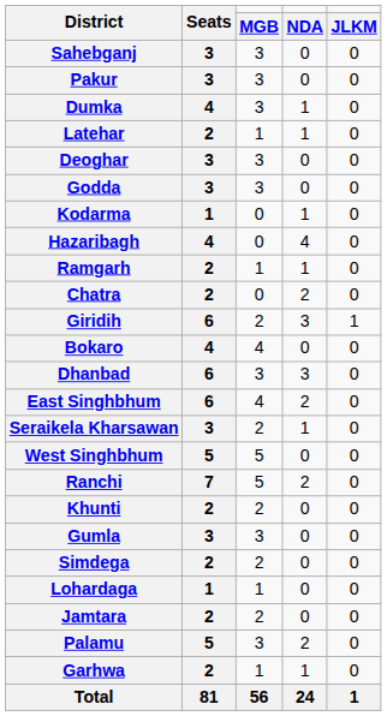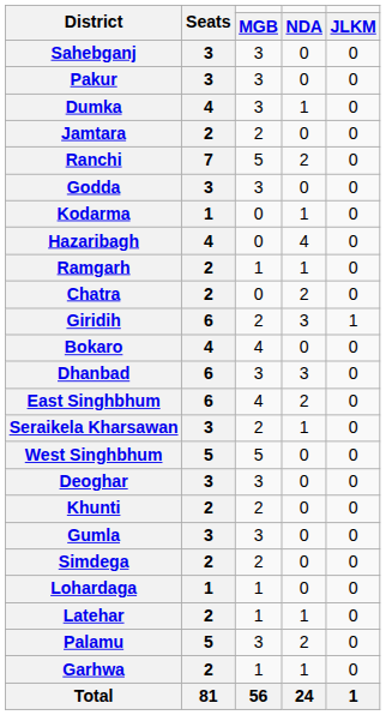 <table class="wikitable" style="text-align:center;">
 <tr>
 <th rowspan="2">District</th>
 <th rowspan="2">Seats</th>
 <td></td>
 <td></td>
 <td></td>
 </tr>
 <tr>
 <th><a href='#'>MGB</a></th>
 <th><a href='#'>NDA</a></th>
 <th><a href='#'>JLKM</a></th>
 </tr>
 <tr>
 <th><a href='#'>Sahebganj</a></th>
 <th>3</th>
 <td style="background:">3</td>
 <td>0</td>
 <td>0</td>
 </tr>
 <tr>
 <th><a href='#'>Pakur</a></th>
 <th>3</th>
 <td style="background:">3</td>
 <td>0</td>
 <td>0</td>
 </tr>
 <tr>
 <th><a href='#'>Dumka</a></th>
 <th>4</th>
 <td style="background:">3</td>
 <td>1</td>
 <td>0</td>
 </tr>
 <tr>
-<th><a href='#'>Latehar</a></th>
+<th><a href='#'>Jamtara</a></th>
 <th>2</th>
-<td>1</td>
-<td>1</td>
+<td style="background:">2</td>
+<td>0</td>
 <td>0</td>
 </tr>
 <tr>
-<th><a href='#'>Deoghar</a></th>
-<th>3</th>
-<td style="background:">3</td>
-<td>0</td>
+<th><a href='#'>Ranchi</a></th>
+<th>7</th>
+<td style="background:">5</td>
+<td>2</td>
 <td>0</td>
 </tr>
 <tr>
 <th><a href='#'>Godda</a></th>
 <th>3</th>
 <td style="background:">3</td>
 <td>0</td>
 <td>0</td>
 </tr>
 <tr>
 <th><a href='#'>Kodarma</a></th>
 <th>1</th>
 <td>0</td>
 <td style="background:">1</td>
 <td>0</td>
 </tr>
 <tr>
 <th><a href='#'>Hazaribagh</a></th>
 <th>4</th>
 <td>0</td>
 <td style="background:">4</td>
 <td>0</td>
 </tr>
 <tr>
 <th><a href='#'>Ramgarh</a></th>
 <th>2</th>
 <td>1</td>
 <td>1</td>
 <td>0</td>
 </tr>
 <tr>
 <th><a href='#'>Chatra</a></th>
 <th>2</th>
 <td>0</td>
 <td style="background:">2</td>
 <td>0</td>
 </tr>
 <tr>
 <th><a href='#'>Giridih</a></th>
 <th>6</th>
 <td>2</td>
 <td style="background:">3</td>
 <td>1</td>
 </tr>
 <tr>
 <th><a href='#'>Bokaro</a></th>
 <th>4</th>
 <td style="background:">4</td>
 <td>0</td>
 <td>0</td>
 </tr>
 <tr>
 <th><a href='#'>Dhanbad</a></th>
 <th>6</th>
 <td>3</td>
 <td>3</td>
 <td>0</td>
 </tr>
 <tr>
 <th><a href='#'>East Singhbhum</a></th>
 <th>6</th>
 <td style="background:">4</td>
 <td>2</td>
 <td>0</td>
 </tr>
 <tr>
 <th><a href='#'>Seraikela Kharsawan</a></th>
 <th>3</th>
 <td style="background:">2</td>
 <td>1</td>
 <td>0</td>
 </tr>
 <tr>
 <th><a href='#'>West Singhbhum</a></th>
 <th>5</th>
 <td style="background:">5</td>
 <td>0</td>
 <td>0</td>
 </tr>
 <tr>
-<th><a href='#'>Ranchi</a></th>
-<th>7</th>
-<td style="background:">5</td>
-<td>2</td>
+<th><a href='#'>Deoghar</a></th>
+<th>3</th>
+<td style="background:">3</td>
+<td>0</td>
 <td>0</td>
 </tr>
 <tr>
 <th><a href='#'>Khunti</a></th>
 <th>2</th>
 <td style="background:">2</td>
 <td>0</td>
 <td>0</td>
 </tr>
 <tr>
 <th><a href='#'>Gumla</a></th>
 <th>3</th>
 <td style="background:">3</td>
 <td>0</td>
 <td>0</td>
 </tr>
 <tr>
 <th><a href='#'>Simdega</a></th>
 <th>2</th>
 <td style="background:">2</td>
 <td>0</td>
 <td>0</td>
 </tr>
 <tr>
 <th><a href='#'>Lohardaga</a></th>
 <th>1</th>
 <td style="background:">1</td>
 <td>0</td>
 <td>0</td>
 </tr>
 <tr>
-<th><a href='#'>Jamtara</a></th>
+<th><a href='#'>Latehar</a></th>
 <th>2</th>
-<td style="background:">2</td>
-<td>0</td>
+<td>1</td>
+<td>1</td>
 <td>0</td>
 </tr>
 <tr>
 <th><a href='#'>Palamu</a></th>
 <th>5</th>
 <td style="background:">3</td>
 <td>2</td>
 <td>0</td>
 </tr>
 <tr>
 <th><a href='#'>Garhwa</a></th>
 <th>2</th>
 <td>1</td>
 <td>1</td>
 <td>0</td>
 </tr>
 <tr>
 <th>Total</th>
 <th>81</th>
 <th style="background:">56</th>
 <th>24</th>
 <th>1</th>
 </tr>
 </table>
